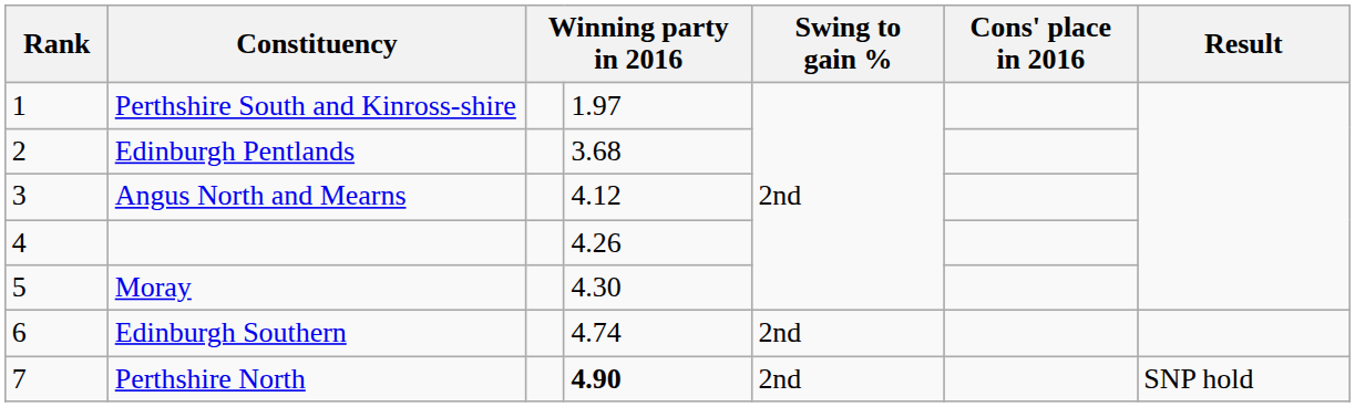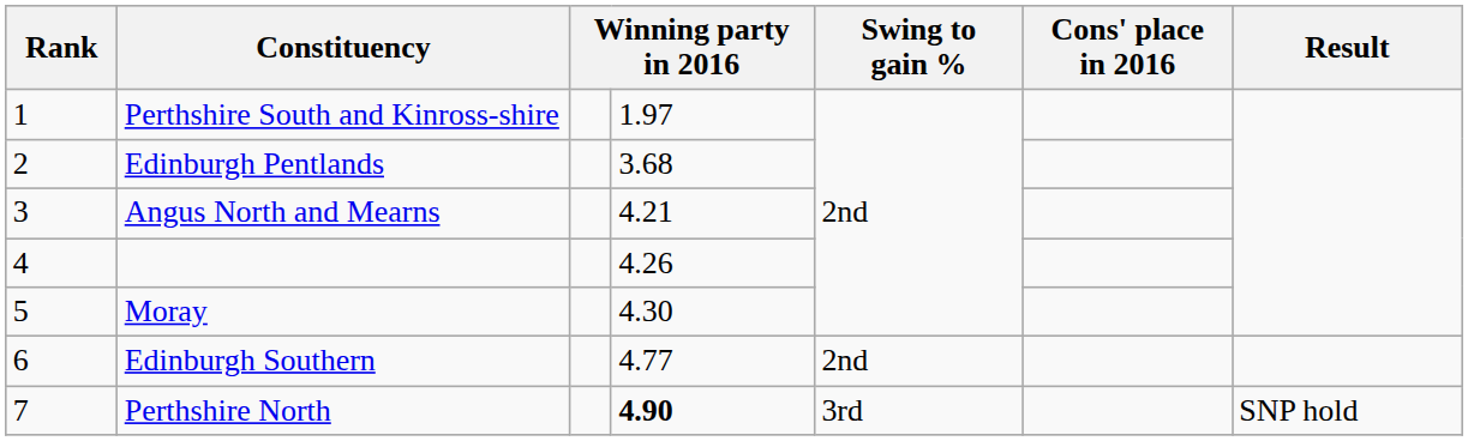 <table class="wikitable" style="width:750px">
 <tr>
 <th style="width:50px;">Rank</th>
 <th style="width:225px;">Constituency</th>
 <th colspan="2" style="width:175px;" class=nowrap>Winning party<br>in 2016</th>
 <th style="width:100px;">Swing to<br>gain %</th>
 <th style="width:100px;">Cons' place<br>in 2016</th>
 <th colspan="2" style="width:175px;">Result</th>
 </tr>
 <tr>
 <td>1</td>
 <td><a href='#'>Perthshire South and Kinross-shire</a></td>
 <td></td>
 <td>1.97</td>
 <td rowspan="5">2nd</td>
 <td style="color:inherit;background-color: "></td>
 <td rowspan="5"></td>
 </tr>
 <tr>
 <td>2</td>
 <td><a href='#'>Edinburgh Pentlands</a></td>
 <td></td>
 <td>3.68</td>
 <td style="color:inherit;background-color: "></td>
 </tr>
 <tr>
 <td>3</td>
 <td><a href='#'>Angus North and Mearns</a></td>
 <td></td>
-<td>4.12</td>
+<td>4.21</td>
 <td style="color:inherit;background-color: "></td>
 </tr>
 <tr>
 <td>4</td>
 <td></td>
 <td></td>
 <td>4.26</td>
 <td style="color:inherit;background-color: "></td>
 </tr>
 <tr>
 <td>5</td>
 <td><a href='#'>Moray</a></td>
 <td></td>
 <td>4.30</td>
 <td style="color:inherit;background-color: "></td>
 </tr>
 <tr>
 <td>6</td>
 <td><a href='#'>Edinburgh Southern</a></td>
 <td></td>
-<td>4.74</td>
+<td>4.77</td>
 <td>2nd</td>
 <td style="color:inherit;background-color: "></td>
 <td></td>
 </tr>
 <tr>
 <td>7</td>
 <td><a href='#'>Perthshire North</a></td>
 <td></td>
 <td><strong>4.90</strong></td>
-<td>2nd</td>
+<td>3rd</td>
 <td style="color:inherit;background-color: "></td>
 <td>SNP hold</td>
 </tr>
 </table>
